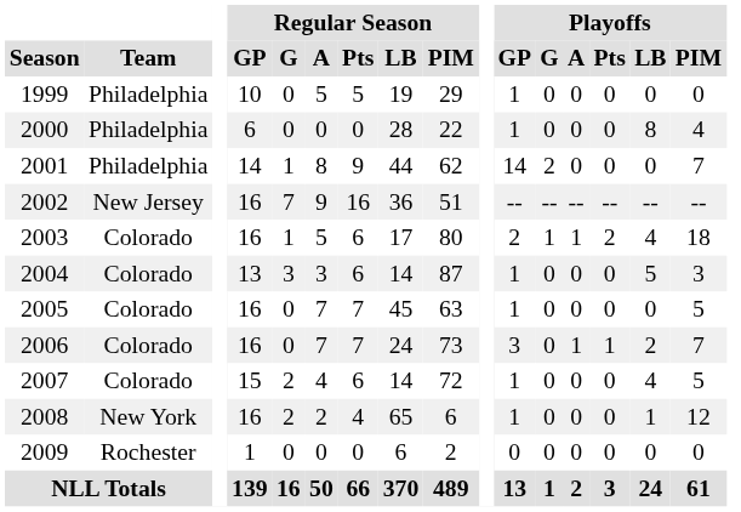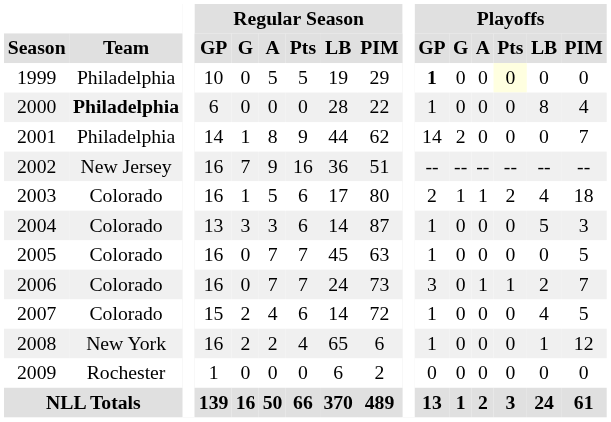 <table BORDER="0" CELLPADDING="3" CELLSPACING="0">
 <tr ALIGN="center" bgcolor="#e0e0e0">
 <th colspan="2" bgcolor="#ffffff"> </th>
 <th rowspan="99" bgcolor="#ffffff"> </th>
 <th colspan="6">Regular Season</th>
 <th rowspan="99" bgcolor="#ffffff"> </th>
 <th colspan="6">Playoffs</th>
 </tr>
 <tr ALIGN="center" bgcolor="#e0e0e0">
 <th>Season</th>
 <th>Team</th>
 <th>GP</th>
 <th>G</th>
 <th>A</th>
 <th>Pts</th>
 <th>LB</th>
 <th>PIM</th>
 <th>GP</th>
 <th>G</th>
 <th>A</th>
 <th>Pts</th>
 <th>LB</th>
 <th>PIM</th>
 </tr>
 <tr ALIGN="center">
 <td>1999</td>
 <td>Philadelphia</td>
 <td>10</td>
 <td>0</td>
 <td>5</td>
 <td>5</td>
 <td>19</td>
 <td>29</td>
-<td>1</td>
+<td><strong>1</strong></td>
 <td>0</td>
 <td>0</td>
-<td>0</td>
+<td style="background: lightyellow;">0</td>
 <td>0</td>
 <td>0</td>
 </tr>
 <tr ALIGN="center" bgcolor="#f0f0f0">
 <td>2000</td>
-<td>Philadelphia</td>
+<td><strong>Philadelphia</strong></td>
 <td>6</td>
 <td>0</td>
 <td>0</td>
 <td>0</td>
 <td>28</td>
 <td>22</td>
 <td>1</td>
 <td>0</td>
 <td>0</td>
 <td>0</td>
 <td>8</td>
 <td>4</td>
 </tr>
 <tr ALIGN="center">
 <td>2001</td>
 <td>Philadelphia</td>
 <td>14</td>
 <td>1</td>
 <td>8</td>
 <td>9</td>
 <td>44</td>
 <td>62</td>
 <td>14</td>
 <td>2</td>
 <td>0</td>
 <td>0</td>
 <td>0</td>
 <td>7</td>
 </tr>
 <tr ALIGN="center" bgcolor="#f0f0f0">
 <td>2002</td>
 <td>New Jersey</td>
 <td>16</td>
 <td>7</td>
 <td>9</td>
 <td>16</td>
 <td>36</td>
 <td>51</td>
 <td>--</td>
 <td>--</td>
 <td>--</td>
 <td>--</td>
 <td>--</td>
 <td>--</td>
 </tr>
 <tr ALIGN="center">
 <td>2003</td>
 <td>Colorado</td>
 <td>16</td>
 <td>1</td>
 <td>5</td>
 <td>6</td>
 <td>17</td>
 <td>80</td>
 <td>2</td>
 <td>1</td>
 <td>1</td>
 <td>2</td>
 <td>4</td>
 <td>18</td>
 </tr>
 <tr ALIGN="center" bgcolor="#f0f0f0">
 <td>2004</td>
 <td>Colorado</td>
 <td>13</td>
 <td>3</td>
 <td>3</td>
 <td>6</td>
 <td>14</td>
 <td>87</td>
 <td>1</td>
 <td>0</td>
 <td>0</td>
 <td>0</td>
 <td>5</td>
 <td>3</td>
 </tr>
 <tr ALIGN="center">
 <td>2005</td>
 <td>Colorado</td>
 <td>16</td>
 <td>0</td>
 <td>7</td>
 <td>7</td>
 <td>45</td>
 <td>63</td>
 <td>1</td>
 <td>0</td>
 <td>0</td>
 <td>0</td>
 <td>0</td>
 <td>5</td>
 </tr>
 <tr ALIGN="center" bgcolor="#f0f0f0">
 <td>2006</td>
 <td>Colorado</td>
 <td>16</td>
 <td>0</td>
 <td>7</td>
 <td>7</td>
 <td>24</td>
 <td>73</td>
 <td>3</td>
 <td>0</td>
 <td>1</td>
 <td>1</td>
 <td>2</td>
 <td>7</td>
 </tr>
 <tr ALIGN="center">
 <td>2007</td>
 <td>Colorado</td>
 <td>15</td>
 <td>2</td>
 <td>4</td>
 <td>6</td>
 <td>14</td>
 <td>72</td>
 <td>1</td>
 <td>0</td>
 <td>0</td>
 <td>0</td>
 <td>4</td>
 <td>5</td>
 </tr>
 <tr ALIGN="center" bgcolor="#f0f0f0">
 <td>2008</td>
 <td>New York</td>
 <td>16</td>
 <td>2</td>
 <td>2</td>
 <td>4</td>
 <td>65</td>
 <td>6</td>
 <td>1</td>
 <td>0</td>
 <td>0</td>
 <td>0</td>
 <td>1</td>
 <td>12</td>
 </tr>
 <tr ALIGN="center">
 <td>2009</td>
 <td>Rochester</td>
 <td>1</td>
 <td>0</td>
 <td>0</td>
 <td>0</td>
 <td>6</td>
 <td>2</td>
 <td>0</td>
 <td>0</td>
 <td>0</td>
 <td>0</td>
 <td>0</td>
 <td>0</td>
 </tr>
 <tr ALIGN="center" bgcolor="#e0e0e0">
 <th colspan="2">NLL Totals</th>
 <th>139</th>
 <th>16</th>
 <th>50</th>
 <th>66</th>
 <th>370</th>
 <th>489</th>
 <th>13</th>
 <th>1</th>
 <th>2</th>
 <th>3</th>
 <th>24</th>
 <th>61</th>
 </tr>
 </table>
